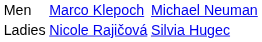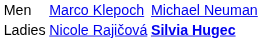 <table>
 <tr>
 <td>Men</td>
 <td><a href='#'>Marco Klepoch</a></td>
 <td><a href='#'>Michael Neuman</a></td>
 <td></td>
 </tr>
 <tr>
 <td>Ladies</td>
 <td><a href='#'>Nicole Rajičová</a></td>
-<td><a href='#'>Silvia Hugec</a></td>
+<td><strong><a href='#'>Silvia Hugec</a></strong></td>
 <td></td>
 </tr>
 </table>
